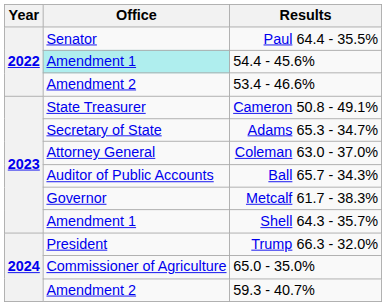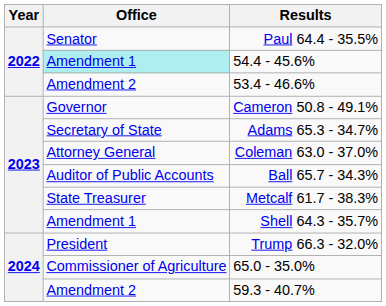 <table class=wikitable>
 <tr>
 <th>Year</th>
 <th>Office</th>
 <th>Results</th>
 </tr>
 <tr>
 <th rowspan=3><a href='#'>2022</a></th>
 <td><a href='#'>Senator</a></td>
 <td align="right" ><a href='#'>Paul</a> 64.4 - 35.5%</td>
 </tr>
 <tr>
 <td style="background: paleturquoise;"><a href='#'>Amendment 1</a></td>
 <td> 54.4 - 45.6%</td>
 </tr>
 <tr>
 <td><a href='#'>Amendment 2</a></td>
 <td> 53.4 - 46.6%</td>
 </tr>
 <tr>
 <th rowspan=6><a href='#'>2023</a></th>
-<td><a href='#'>State Treasurer</a></td>
+<td><a href='#'>Governor</a></td>
 <td align="right" ><a href='#'>Cameron</a> 50.8 - 49.1%</td>
 </tr>
 <tr>
 <td><a href='#'>Secretary of State</a></td>
 <td align="right" ><a href='#'>Adams</a> 65.3 - 34.7%</td>
 </tr>
 <tr>
 <td><a href='#'>Attorney General</a></td>
 <td align="right" ><a href='#'>Coleman</a> 63.0 - 37.0%</td>
 </tr>
 <tr>
 <td><a href='#'>Auditor of Public Accounts</a></td>
 <td align="right" ><a href='#'>Ball</a> 65.7 - 34.3%</td>
 </tr>
 <tr>
-<td><a href='#'>Governor</a></td>
+<td><a href='#'>State Treasurer</a></td>
 <td align="right" ><a href='#'>Metcalf</a> 61.7 - 38.3%</td>
 </tr>
 <tr>
 <td><a href='#'>Amendment 1</a></td>
 <td align="right" ><a href='#'>Shell</a> 64.3 - 35.7%</td>
 </tr>
 <tr>
 <th rowspan=3><a href='#'>2024</a></th>
 <td><a href='#'>President</a></td>
 <td align="right" ><a href='#'>Trump</a> 66.3 - 32.0%</td>
 </tr>
 <tr>
 <td><a href='#'>Commissioner of Agriculture</a></td>
 <td> 65.0 - 35.0%</td>
 </tr>
 <tr>
 <td><a href='#'>Amendment 2</a></td>
 <td> 59.3 - 40.7%</td>
 </tr>
 </table>
